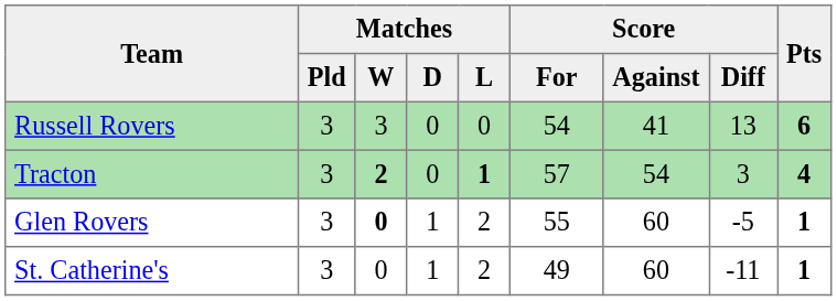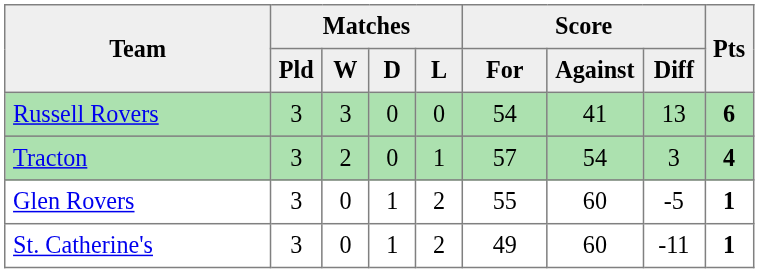 <table style=border-collapse:collapse border=1 cellspacing=0 cellpadding=5>
 <tr align=center bgcolor=#efefef>
 <th rowspan=2 width=165>Team</th>
 <th colspan=4>Matches</th>
 <th colspan=3>Score</th>
 <th rowspan=2width=20>Pts</th>
 </tr>
 <tr align=center bgcolor=#efefef>
 <th width=20>Pld</th>
 <th width=20>W</th>
 <th width=20>D</th>
 <th width=20>L</th>
 <th width=45>For</th>
 <th width=45>Against</th>
 <th width=30>Diff</th>
 </tr>
 <tr align=center style="background:#ACE1AF;">
 <td style="text-align:left;"><a href='#'>Russell Rovers</a></td>
 <td>3</td>
 <td>3</td>
 <td>0</td>
 <td>0</td>
 <td>54</td>
 <td>41</td>
 <td>13</td>
 <td><strong>6</strong></td>
 </tr>
 <tr align=center style="background:#ACE1AF;">
 <td style="text-align:left;"><a href='#'>Tracton</a></td>
 <td>3</td>
-<td><strong>2</strong></td>
+<td>2</td>
 <td>0</td>
-<td><strong>1</strong></td>
+<td>1</td>
 <td>57</td>
 <td>54</td>
 <td>3</td>
 <td><strong>4</strong></td>
 </tr>
 <tr align=center>
 <td style="text-align:left;"><a href='#'>Glen Rovers</a></td>
 <td>3</td>
-<td><strong>0</strong></td>
+<td>0</td>
 <td>1</td>
 <td>2</td>
 <td>55</td>
 <td>60</td>
 <td>-5</td>
 <td><strong>1</strong></td>
 </tr>
 <tr align=center>
 <td style="text-align:left;"><a href='#'>St. Catherine's</a></td>
 <td>3</td>
 <td>0</td>
 <td>1</td>
 <td>2</td>
 <td>49</td>
 <td>60</td>
 <td>-11</td>
 <td><strong>1</strong></td>
 </tr>
 </table>
